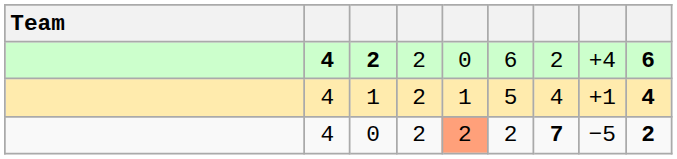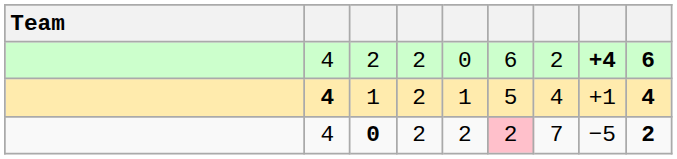 <table class="wikitable" style="text-align: center;">
 <tr>
 <th width=165 style="text-align:left;">Team</th>
 <th width=20></th>
 <th width=20></th>
 <th width=20></th>
 <th width=20></th>
 <th width=20></th>
 <th width=20></th>
 <th width=20></th>
 <th width=20></th>
 </tr>
 <tr style="background:#ccffcc;">
 <td style="text-align:left;"></td>
-<td><strong>4</strong></td>
-<td><strong>2</strong></td>
+<td>4</td>
+<td>2</td>
 <td>2</td>
 <td>0</td>
 <td>6</td>
 <td>2</td>
-<td>+4</td>
+<td><strong>+4</strong></td>
 <td><strong>6</strong></td>
 </tr>
 <tr style="background:#ffebad;">
 <td style="text-align:left;"></td>
-<td>4</td>
+<td><strong>4</strong></td>
 <td>1</td>
 <td>2</td>
 <td>1</td>
 <td>5</td>
 <td>4</td>
 <td>+1</td>
 <td><strong>4</strong></td>
 </tr>
 <tr>
 <td style="text-align:left;"></td>
 <td>4</td>
-<td>0</td>
+<td><strong>0</strong></td>
 <td>2</td>
-<td style="background: lightsalmon;">2</td>
 <td>2</td>
-<td><strong>7</strong></td>
+<td style="background: pink;">2</td>
+<td>7</td>
 <td>−5</td>
 <td><strong>2</strong></td>
 </tr>
 </table>
